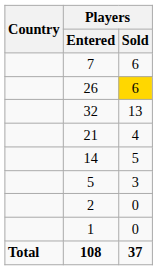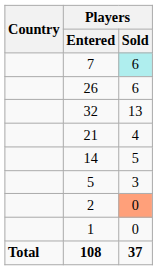 <table class=wikitable style="float:right;clear:right;margin-left:1em;font-size:90%; text-align: center;">
 <tr>
 <th rowspan=2>Country</th>
 <th colspan=2>Players</th>
 </tr>
 <tr>
 <th>Entered</th>
 <th>Sold</th>
 </tr>
 <tr>
 <td style="text-align:left"></td>
 <td>7</td>
-<td>6</td>
+<td style="background: paleturquoise;">6</td>
 </tr>
 <tr>
 <td style="text-align:left"></td>
 <td>26</td>
-<td style="background: gold;">6</td>
+<td>6</td>
 </tr>
 <tr>
 <td style="text-align:left"></td>
 <td>32</td>
 <td>13</td>
 </tr>
 <tr>
 <td style="text-align:left"></td>
 <td>21</td>
 <td>4</td>
 </tr>
 <tr>
 <td style="text-align:left"></td>
 <td>14</td>
 <td>5</td>
 </tr>
 <tr>
 <td style="text-align:left"></td>
 <td>5</td>
 <td>3</td>
 </tr>
 <tr>
 <td style="text-align:left"></td>
 <td>2</td>
-<td>0</td>
+<td style="background: lightsalmon;">0</td>
 </tr>
 <tr>
 <td style="text-align:left"></td>
 <td>1</td>
 <td>0</td>
 </tr>
 <tr>
 <td style="text-align:left"><strong>Total</strong></td>
 <td><strong>108</strong></td>
 <td><strong>37</strong></td>
 </tr>
 </table>
